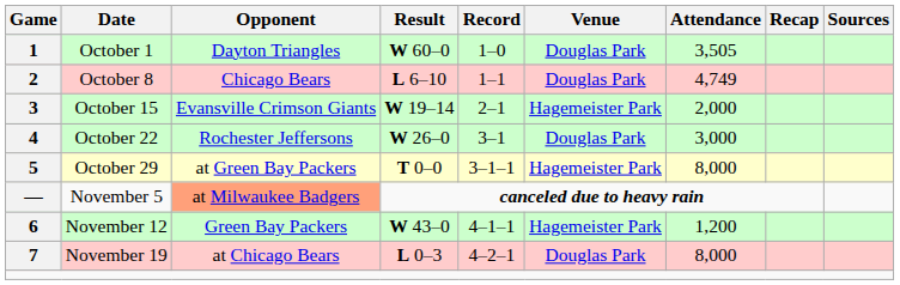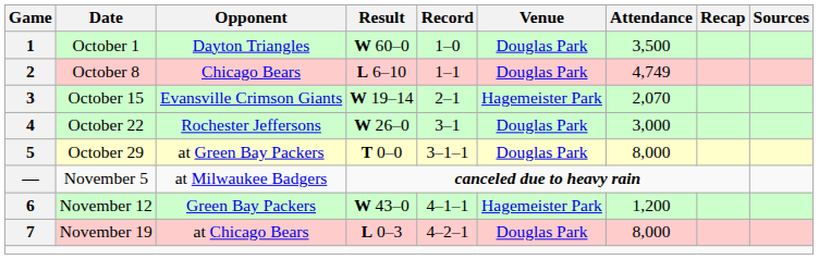 <table class="wikitable" style="text-align:center">
 <tr>
 <th>Game</th>
 <th>Date</th>
 <th>Opponent</th>
 <th>Result</th>
 <th>Record</th>
 <th>Venue</th>
 <th>Attendance</th>
 <th>Recap</th>
 <th>Sources</th>
 </tr>
 <tr style="background:#cfc">
 <th>1</th>
 <td>October 1</td>
 <td><a href='#'>Dayton Triangles</a></td>
 <td><strong>W</strong> 60–0</td>
 <td>1–0</td>
 <td><a href='#'>Douglas Park</a></td>
-<td>3,505</td>
+<td>3,500</td>
 <td></td>
 <td></td>
 </tr>
 <tr style="background:#fcc">
 <th>2</th>
 <td>October 8</td>
 <td><a href='#'>Chicago Bears</a></td>
 <td><strong>L</strong> 6–10</td>
 <td>1–1</td>
 <td><a href='#'>Douglas Park</a></td>
 <td>4,749</td>
 <td></td>
 <td></td>
 </tr>
 <tr style="background:#cfc">
 <th>3</th>
 <td>October 15</td>
 <td><a href='#'>Evansville Crimson Giants</a></td>
 <td><strong>W</strong> 19–14</td>
 <td>2–1</td>
 <td><a href='#'>Hagemeister Park</a></td>
-<td>2,000</td>
+<td>2,070</td>
 <td></td>
 <td> </td>
 </tr>
 <tr style="background:#cfc">
 <th>4</th>
 <td>October 22</td>
 <td><a href='#'>Rochester Jeffersons</a></td>
 <td><strong>W</strong> 26–0</td>
 <td>3–1</td>
 <td><a href='#'>Douglas Park</a></td>
 <td>3,000</td>
 <td></td>
 <td></td>
 </tr>
 <tr style="background:#ffc">
 <th>5</th>
 <td>October 29</td>
 <td>at <a href='#'>Green Bay Packers</a></td>
 <td><strong>T</strong> 0–0</td>
 <td>3–1–1</td>
-<td><a href='#'>Hagemeister Park</a></td>
+<td><a href='#'>Douglas Park</a></td>
 <td>8,000</td>
 <td></td>
 <td></td>
 </tr>
 <tr>
 <th>—</th>
 <td>November 5</td>
-<td style="background: lightsalmon;">at <a href='#'>Milwaukee Badgers</a></td>
+<td>at <a href='#'>Milwaukee Badgers</a></td>
 <td colspan="5"><strong><em>canceled due to heavy rain</em></strong></td>
 <td></td>
 </tr>
 <tr style="background:#cfc">
 <th>6</th>
 <td>November 12</td>
 <td><a href='#'>Green Bay Packers</a></td>
 <td><strong>W</strong> 43–0</td>
 <td>4–1–1</td>
 <td><a href='#'>Hagemeister Park</a></td>
 <td>1,200</td>
 <td></td>
 <td></td>
 </tr>
 <tr style="background:#fcc">
 <th>7</th>
 <td>November 19</td>
 <td>at <a href='#'>Chicago Bears</a></td>
 <td><strong>L</strong> 0–3</td>
 <td>4–2–1</td>
 <td><a href='#'>Douglas Park</a></td>
 <td>8,000</td>
 <td></td>
 <td></td>
 </tr>
 <tr>
 <td colspan="10"></td>
 </tr>
 </table>
